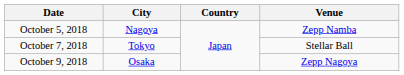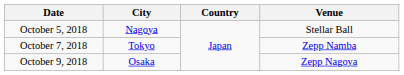 <table class="wikitable" style="text-align:center;">
 <tr>
 <th scope="col" style="width:12em;">Date</th>
 <th scope="col" style="width:9em;">City</th>
 <th scope="col" style="width:9em;">Country</th>
 <th scope="col" style="width:18em;">Venue</th>
 </tr>
 <tr>
 <td>October 5, 2018<br></td>
 <td><a href='#'>Nagoya</a></td>
 <td rowspan="3"><a href='#'>Japan</a></td>
-<td><a href='#'>Zepp Namba</a></td>
+<td>Stellar Ball</td>
 </tr>
 <tr>
 <td>October 7, 2018<br></td>
 <td><a href='#'>Tokyo</a></td>
-<td>Stellar Ball</td>
+<td><a href='#'>Zepp Namba</a></td>
 </tr>
 <tr>
 <td>October 9, 2018</td>
 <td><a href='#'>Osaka</a></td>
 <td><a href='#'>Zepp Nagoya</a></td>
 </tr>
 </table>
